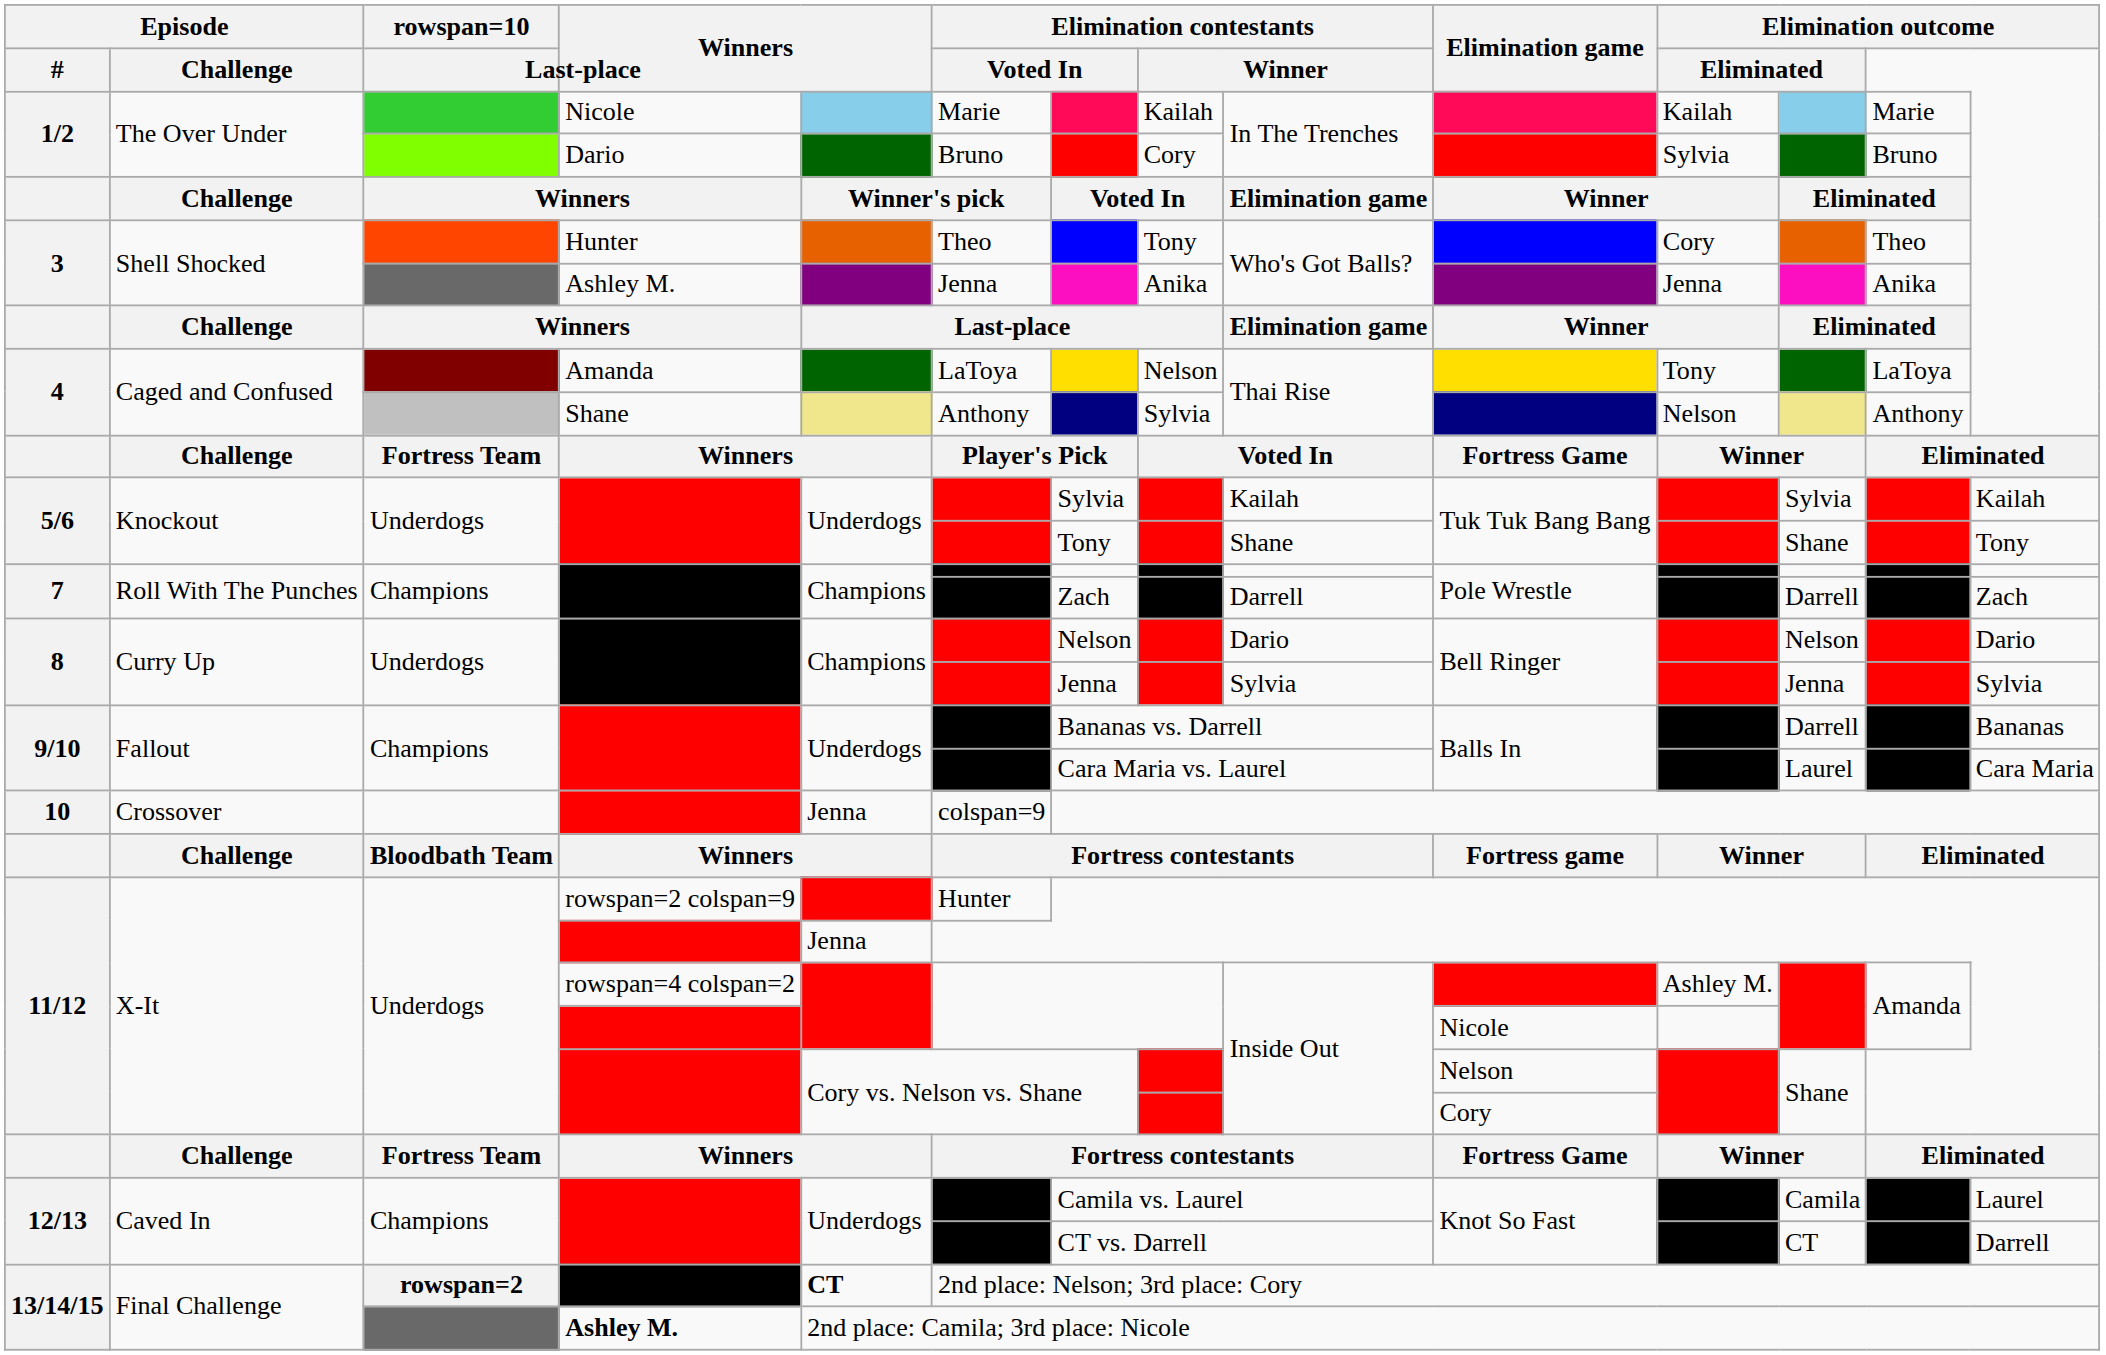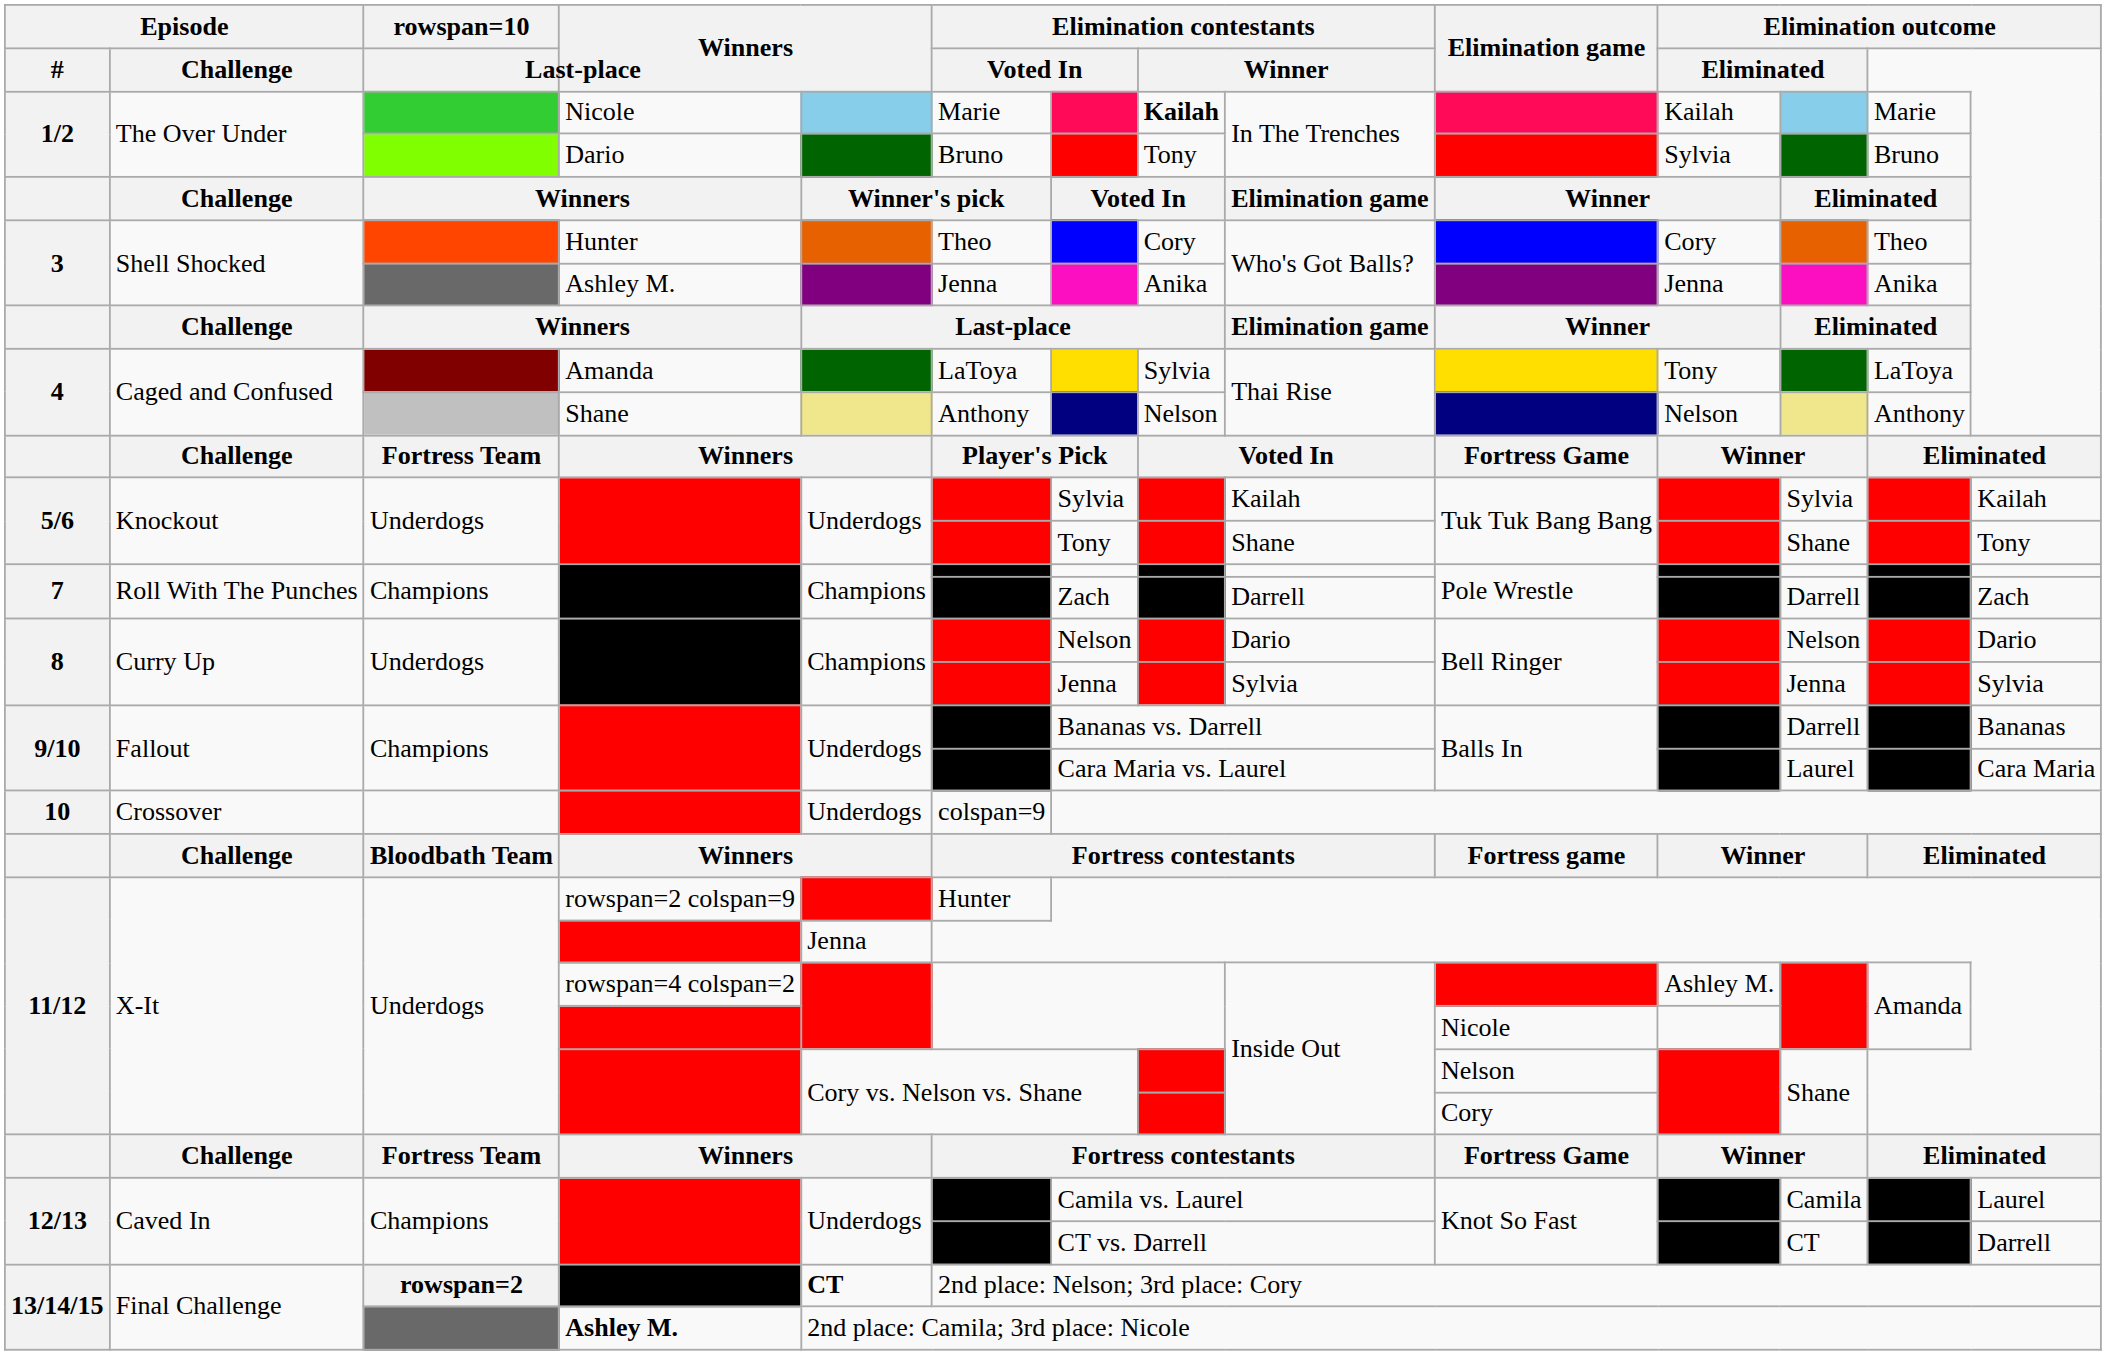 <table class="wikitable" style="font-size:90%; white-space:nowrap">
 <tr>
 <th colspan=2>Episode</th>
 <th>rowspan=10 </th>
 <th rowspan=2 colspan=2>Winners</th>
 <th colspan=4>Elimination contestants</th>
 <th rowspan=2>Elimination game</th>
 <th colspan=4>Elimination outcome</th>
 </tr>
 <tr>
 <th width="15px">#</th>
 <th colspan=1>Challenge</th>
 <th colspan=2>Last-place</th>
 <th colspan=2 nowrap>Voted In</th>
 <th colspan=2>Winner</th>
 <th colspan=2>Eliminated</th>
 </tr>
 <tr>
 <th rowspan=2>1/2</th>
 <td rowspan=2 colspan=1>The Over Under</td>
 <td bgcolor="limegreen"></td>
 <td>Nicole</td>
 <td bgcolor="skyblue"></td>
 <td>Marie</td>
 <td bgcolor="#ff0959"></td>
-<td>Kailah</td>
+<td><strong>Kailah</strong></td>
 <td rowspan=2>In The Trenches</td>
 <td bgcolor="#ff0959"></td>
 <td>Kailah</td>
 <td bgcolor="skyblue"></td>
 <td>Marie</td>
 </tr>
 <tr>
 <td bgcolor="chartreuse"></td>
 <td>Dario</td>
 <td bgcolor="darkgreen"></td>
 <td>Bruno</td>
 <td bgcolor="red"></td>
-<td>Cory</td>
+<td>Tony</td>
 <td bgcolor="red"></td>
 <td>Sylvia</td>
 <td bgcolor="darkgreen"></td>
 <td>Bruno</td>
 </tr>
 <tr>
 <th></th>
 <th colspan=1>Challenge</th>
 <th colspan=2>Winners</th>
 <th colspan=2>Winner's pick</th>
 <th colspan=2>Voted In</th>
 <th>Elimination game</th>
 <th colspan=2>Winner</th>
 <th colspan=2>Eliminated</th>
 </tr>
 <tr>
 <th rowspan=2>3</th>
 <td rowspan=2 colspan=1>Shell Shocked</td>
 <td bgcolor="orangered"></td>
 <td>Hunter</td>
 <td bgcolor="#E86100"></td>
 <td>Theo</td>
 <td bgcolor="blue"></td>
-<td>Tony</td>
+<td>Cory</td>
 <td rowspan=2 nowrap>Who's Got Balls?</td>
 <td bgcolor="blue"></td>
 <td>Cory</td>
 <td bgcolor="#E86100"></td>
 <td>Theo</td>
 </tr>
 <tr>
 <td bgcolor="dimgray"></td>
 <td>Ashley M.</td>
 <td bgcolor="purple"></td>
 <td>Jenna</td>
 <td bgcolor="#FC0FC0"></td>
 <td>Anika</td>
 <td bgcolor="purple"></td>
 <td>Jenna</td>
 <td bgcolor="#FC0FC0"></td>
 <td>Anika</td>
 </tr>
 <tr>
 <th></th>
 <th colspan=1>Challenge</th>
 <th colspan=2>Winners</th>
 <th colspan=4>Last-place</th>
 <th>Elimination game</th>
 <th colspan=2>Winner</th>
 <th colspan=2>Eliminated</th>
 </tr>
 <tr>
 <th rowspan=2>4</th>
 <td rowspan=2 colspan=1 nowrap>Caged and Confused</td>
 <td bgcolor="maroon"></td>
 <td>Amanda</td>
 <td bgcolor="darkgreen"></td>
 <td>LaToya</td>
 <td bgcolor="#ffdf00"></td>
-<td>Nelson</td>
+<td>Sylvia</td>
 <td rowspan=2>Thai Rise</td>
 <td bgcolor="#ffdf00"></td>
 <td>Tony</td>
 <td bgcolor="darkgreen"></td>
 <td>LaToya</td>
 </tr>
 <tr>
 <td bgcolor="silver"></td>
 <td>Shane</td>
 <td bgcolor="khaki"></td>
 <td>Anthony</td>
 <td bgcolor="navy"></td>
-<td>Sylvia</td>
+<td>Nelson</td>
 <td bgcolor="navy"></td>
 <td>Nelson</td>
 <td bgcolor="khaki"></td>
 <td>Anthony</td>
 </tr>
 <tr>
 <th></th>
 <th>Challenge</th>
 <th>Fortress Team</th>
 <th colspan=2>Winners</th>
 <th colspan=2>Player's Pick</th>
 <th colspan=2>Voted In</th>
 <th>Fortress Game</th>
 <th colspan=2>Winner</th>
 <th colspan=2>Eliminated</th>
 </tr>
 <tr>
 <th rowspan=2>5/6</th>
 <td rowspan=2>Knockout</td>
 <td rowspan=2>Underdogs</td>
 <td rowspan=2 bgcolor="red"></td>
 <td rowspan=2>Underdogs</td>
 <td bgcolor="red"></td>
 <td>Sylvia</td>
 <td bgcolor="red"></td>
 <td>Kailah</td>
 <td rowspan=2 nowrap>Tuk Tuk Bang Bang</td>
 <td bgcolor="red"></td>
 <td>Sylvia</td>
 <td bgcolor="red"></td>
 <td>Kailah</td>
 </tr>
 <tr>
 <td bgcolor="red"></td>
 <td>Tony</td>
 <td bgcolor="red"></td>
 <td>Shane</td>
 <td bgcolor="red"></td>
 <td>Shane</td>
 <td bgcolor="red"></td>
 <td>Tony</td>
 </tr>
 <tr>
 <th rowspan=2>7</th>
 <td rowspan=2 nowrap>Roll With The Punches</td>
 <td rowspan=2>Champions</td>
 <td rowspan=2 bgcolor="black"></td>
 <td rowspan=2>Champions</td>
 <td bgcolor="black"></td>
 <td></td>
 <td bgcolor="black"></td>
 <td></td>
 <td rowspan=2>Pole Wrestle</td>
 <td bgcolor="black"></td>
 <td></td>
 <td bgcolor="black"></td>
 <td></td>
 </tr>
 <tr>
 <td bgcolor="black"></td>
 <td nowrap>Zach</td>
 <td bgcolor="black"></td>
 <td nowrap>Darrell</td>
 <td bgcolor="black"></td>
 <td nowrap>Darrell</td>
 <td bgcolor="black"></td>
 <td nowrap>Zach</td>
 </tr>
 <tr>
 <th rowspan=2>8</th>
 <td rowspan=2 nowrap>Curry Up</td>
 <td rowspan=2>Underdogs</td>
 <td rowspan=2 bgcolor="black"></td>
 <td rowspan=2>Champions</td>
 <td bgcolor="red"></td>
 <td>Nelson</td>
 <td bgcolor="red"></td>
 <td>Dario</td>
 <td rowspan=2>Bell Ringer</td>
 <td bgcolor="red"></td>
 <td>Nelson</td>
 <td bgcolor="red"></td>
 <td>Dario</td>
 </tr>
 <tr>
 <td bgcolor="red"></td>
 <td>Jenna</td>
 <td bgcolor="red"></td>
 <td>Sylvia</td>
 <td bgcolor="red"></td>
 <td>Jenna</td>
 <td bgcolor="red"></td>
 <td>Sylvia</td>
 </tr>
 <tr>
 <th rowspan=2>9/10</th>
 <td rowspan=2>Fallout</td>
 <td rowspan=2>Champions</td>
 <td rowspan=2 bgcolor="red"></td>
 <td rowspan=2>Underdogs</td>
 <td bgcolor="black"></td>
 <td colspan=3>Bananas vs. Darrell</td>
 <td rowspan=2>Balls In</td>
 <td bgcolor="black"></td>
 <td>Darrell</td>
 <td bgcolor="black"></td>
 <td>Bananas</td>
 </tr>
 <tr>
 <td bgcolor="black"></td>
 <td colspan=3>Cara Maria vs. Laurel</td>
 <td bgcolor="black"></td>
 <td>Laurel</td>
 <td bgcolor="black"></td>
 <td nowrap>Cara Maria</td>
 </tr>
 <tr>
 <th>10</th>
 <td>Crossover</td>
 <td></td>
 <td bgcolor="red"></td>
-<td>Jenna</td>
+<td>Underdogs</td>
 <td>colspan=9 </td>
 </tr>
 <tr>
 <th></th>
 <th>Challenge</th>
 <th>Bloodbath Team</th>
 <th colspan=2>Winners</th>
 <th colspan=4>Fortress contestants</th>
 <th>Fortress game</th>
 <th colspan=2>Winner</th>
 <th colspan=2>Eliminated</th>
 </tr>
 <tr>
 <th rowspan=6>11/12</th>
 <td rowspan=6>X-It</td>
 <td rowspan=6>Underdogs</td>
 <td>rowspan=2 colspan=9 </td>
 <td bgcolor="red"></td>
 <td>Hunter</td>
 </tr>
 <tr>
 <td bgcolor="red"></td>
 <td>Jenna</td>
 </tr>
 <tr>
 <td>rowspan=4 colspan=2 </td>
 <td rowspan=2 bgcolor="red"></td>
 <td rowspan=2 colspan=3></td>
 <td rowspan=4>Inside Out</td>
 <td bgcolor="red"></td>
 <td>Ashley M.</td>
 <td rowspan=2 bgcolor="red"></td>
 <td rowspan=2>Amanda</td>
 </tr>
 <tr>
 <td bgcolor="red"></td>
 <td>Nicole</td>
 </tr>
 <tr>
 <td rowspan=2 bgcolor="red"></td>
 <td rowspan=2 colspan=3>Cory vs. Nelson vs. Shane</td>
 <td bgcolor="red"></td>
 <td>Nelson</td>
 <td rowspan=2 bgcolor="red"></td>
 <td rowspan=2>Shane</td>
 </tr>
 <tr>
 <td bgcolor="red"></td>
 <td>Cory</td>
 </tr>
 <tr>
 <th></th>
 <th>Challenge</th>
 <th>Fortress Team</th>
 <th colspan=2>Winners</th>
 <th colspan=4>Fortress contestants</th>
 <th>Fortress Game</th>
 <th colspan=2>Winner</th>
 <th colspan=2>Eliminated</th>
 </tr>
 <tr>
 <th rowspan=2>12/13</th>
 <td rowspan=2>Caved In</td>
 <td rowspan=2>Champions</td>
 <td rowspan=2 bgcolor="red"></td>
 <td rowspan=2>Underdogs</td>
 <td bgcolor="black"></td>
 <td colspan=3>Camila vs. Laurel</td>
 <td rowspan=2>Knot So Fast</td>
 <td bgcolor="black"></td>
 <td>Camila</td>
 <td bgcolor="black"></td>
 <td>Laurel</td>
 </tr>
 <tr>
 <td bgcolor="black"></td>
 <td colspan=3>CT vs. Darrell</td>
 <td bgcolor="black"></td>
 <td>CT</td>
 <td bgcolor="black"></td>
 <td>Darrell</td>
 </tr>
 <tr>
 <th rowspan=2>13/14/15</th>
 <td rowspan=2>Final Challenge</td>
 <th>rowspan=2 </th>
 <td bgcolor="black"></td>
 <td><strong>CT</strong></td>
 <td colspan=11>2nd place: Nelson; 3rd place: Cory</td>
 </tr>
 <tr>
 <td bgcolor="dimgray"></td>
 <td><strong>Ashley M.</strong></td>
 <td colspan=11>2nd place: Camila; 3rd place: Nicole</td>
 </tr>
 </table>
